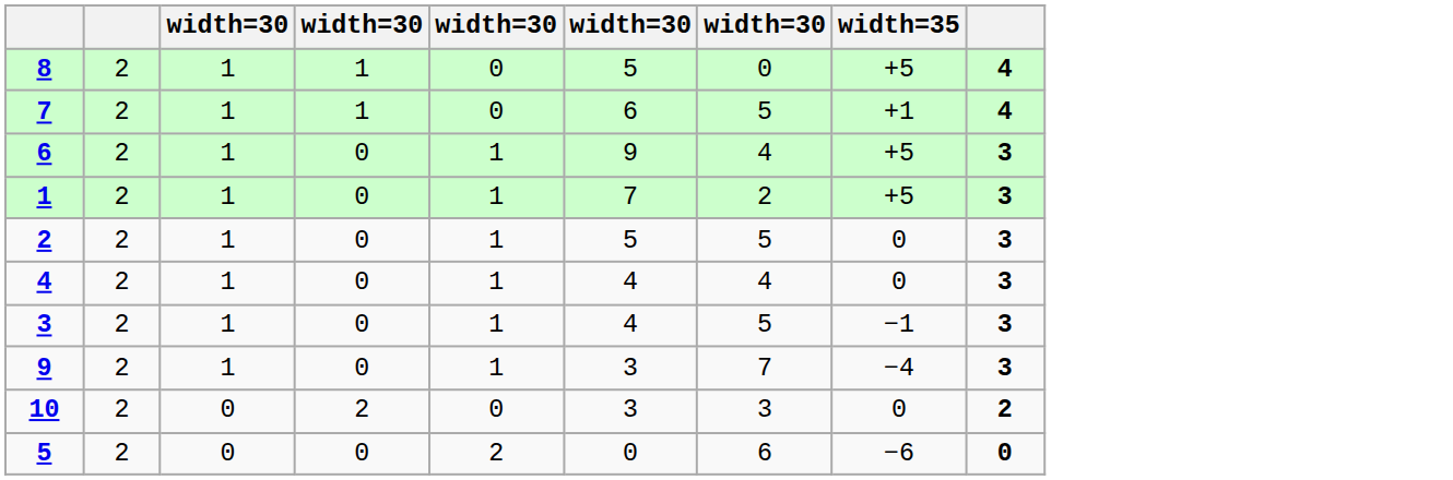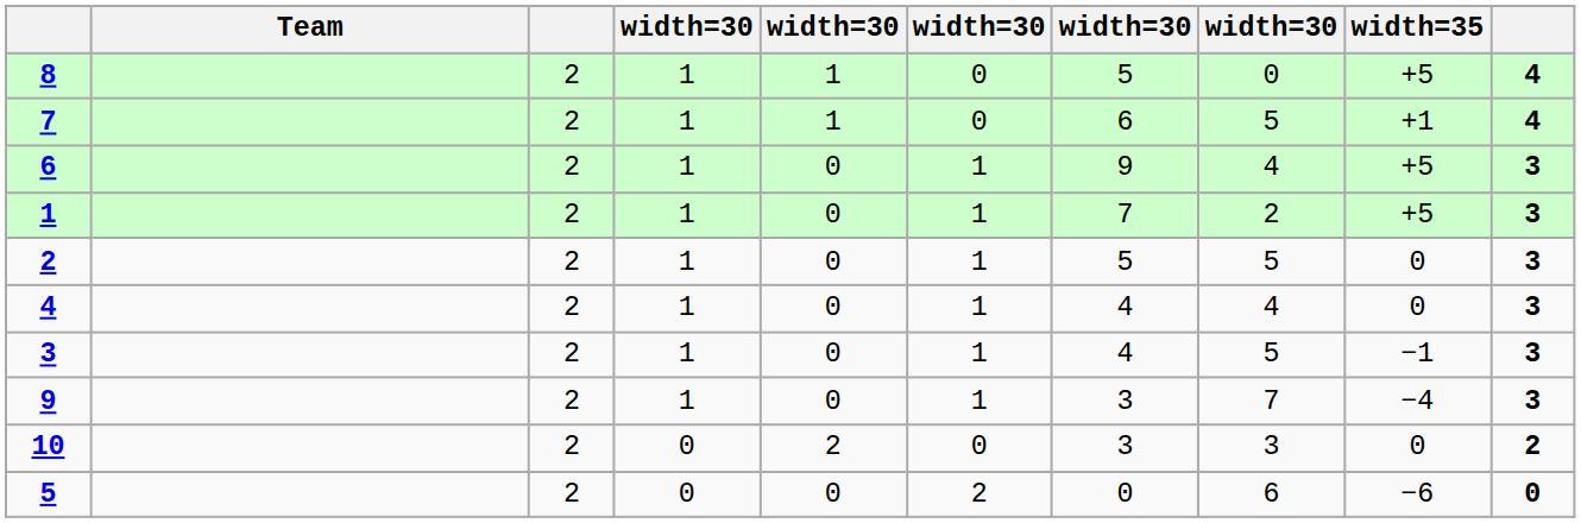 <table class="wikitable" style="text-align: center; font-size: 90%;">
 <tr>
 <th width=30></th>
+<th width=180>Team</th>
 <th width=30></th>
 <th>width=30</th>
 <th>width=30</th>
 <th>width=30</th>
 <th>width=30</th>
 <th>width=30</th>
 <th>width=35</th>
 <th width=30></th>
 </tr>
 <tr bgcolor=#ccffcc>
 <td><strong><a href='#'>8</a></strong></td>
+<td align="left"></td>
 <td>2</td>
 <td>1</td>
 <td>1</td>
 <td>0</td>
 <td>5</td>
 <td>0</td>
 <td>+5</td>
 <td><strong>4</strong></td>
 </tr>
 <tr bgcolor=ccffcc>
 <td><strong><a href='#'>7</a></strong></td>
+<td align="left"></td>
 <td>2</td>
 <td>1</td>
 <td>1</td>
 <td>0</td>
 <td>6</td>
 <td>5</td>
 <td>+1</td>
 <td><strong>4</strong></td>
 </tr>
 <tr bgcolor=ccffcc>
 <td><strong><a href='#'>6</a></strong></td>
+<td align=left></td>
 <td>2</td>
 <td>1</td>
 <td>0</td>
 <td>1</td>
 <td>9</td>
 <td>4</td>
 <td>+5</td>
 <td><strong>3</strong></td>
 </tr>
 <tr bgcolor=ccffcc>
 <td><strong><a href='#'>1</a></strong></td>
+<td align="left"></td>
 <td>2</td>
 <td>1</td>
 <td>0</td>
 <td>1</td>
 <td>7</td>
 <td>2</td>
 <td>+5</td>
 <td><strong>3</strong></td>
 </tr>
 <tr>
 <td><strong><a href='#'>2</a></strong></td>
+<td align=left></td>
 <td>2</td>
 <td>1</td>
 <td>0</td>
 <td>1</td>
 <td>5</td>
 <td>5</td>
 <td>0</td>
 <td><strong>3</strong></td>
 </tr>
 <tr>
 <td><strong><a href='#'>4</a></strong></td>
+<td align="left"></td>
 <td>2</td>
 <td>1</td>
 <td>0</td>
 <td>1</td>
 <td>4</td>
 <td>4</td>
 <td>0</td>
 <td><strong>3</strong></td>
 </tr>
 <tr>
 <td><strong><a href='#'>3</a></strong></td>
+<td align="left"></td>
 <td>2</td>
 <td>1</td>
 <td>0</td>
 <td>1</td>
 <td>4</td>
 <td>5</td>
 <td>−1</td>
 <td><strong>3</strong></td>
 </tr>
 <tr>
 <td><strong><a href='#'>9</a></strong></td>
+<td align="left"></td>
 <td>2</td>
 <td>1</td>
 <td>0</td>
 <td>1</td>
 <td>3</td>
 <td>7</td>
 <td>−4</td>
 <td><strong>3</strong></td>
 </tr>
 <tr>
 <td><strong><a href='#'>10</a></strong></td>
+<td align="left"></td>
 <td>2</td>
 <td>0</td>
 <td>2</td>
 <td>0</td>
 <td>3</td>
 <td>3</td>
 <td>0</td>
 <td><strong>2</strong></td>
 </tr>
 <tr>
 <td><strong><a href='#'>5</a></strong></td>
+<td align="left"></td>
 <td>2</td>
 <td>0</td>
 <td>0</td>
 <td>2</td>
 <td>0</td>
 <td>6</td>
 <td>−6</td>
 <td><strong>0</strong></td>
 </tr>
 </table>
